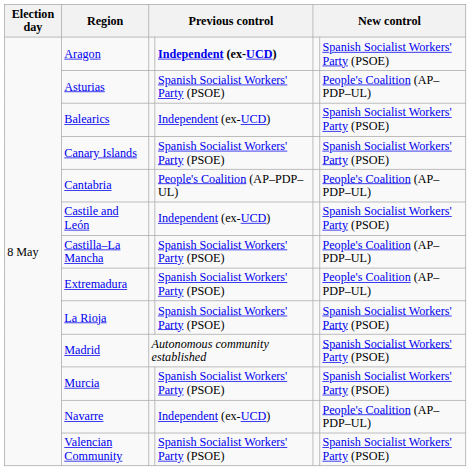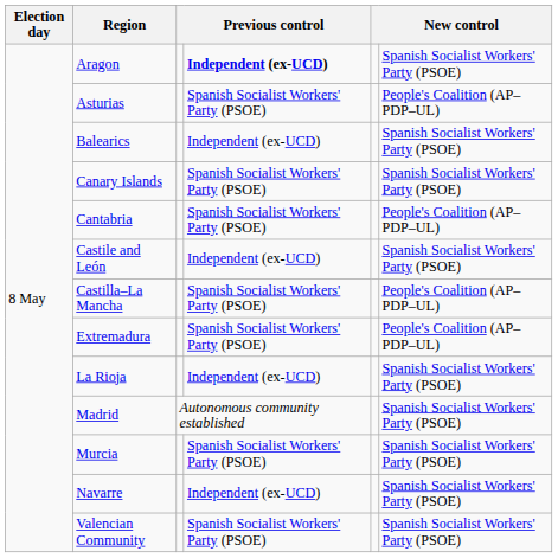 <table class="wikitable">
 <tr>
 <th>Election day</th>
 <th>Region</th>
 <th colspan="2" style="width:375px;">Previous control</th>
 <th colspan="2" style="width:375px;">New control</th>
 </tr>
 <tr>
 <td rowspan="13">8 May</td>
 <td><a href='#'>Aragon</a></td>
 <td width="1" style="color:inherit;background:"></td>
 <td><strong><a href='#'>Independent</a> (ex-<a href='#'>UCD</a>)</strong></td>
 <td width="1" style="color:inherit;background:"></td>
 <td><a href='#'>Spanish Socialist Workers' Party</a> (PSOE)</td>
 </tr>
 <tr>
 <td><a href='#'>Asturias</a></td>
 <td style="color:inherit;background:"></td>
 <td><a href='#'>Spanish Socialist Workers' Party</a> (PSOE)</td>
 <td style="color:inherit;background:"></td>
 <td><a href='#'>People's Coalition</a> (AP–PDP–UL)</td>
 </tr>
 <tr>
 <td><a href='#'>Balearics</a></td>
 <td style="color:inherit;background:"></td>
 <td><a href='#'>Independent</a> (ex-<a href='#'>UCD</a>)</td>
 <td style="color:inherit;background:"></td>
 <td><a href='#'>Spanish Socialist Workers' Party</a> (PSOE)</td>
 </tr>
 <tr>
 <td><a href='#'>Canary Islands</a></td>
 <td style="color:inherit;background:"></td>
 <td><a href='#'>Spanish Socialist Workers' Party</a> (PSOE)</td>
 <td style="color:inherit;background:"></td>
 <td><a href='#'>Spanish Socialist Workers' Party</a> (PSOE)</td>
 </tr>
 <tr>
 <td><a href='#'>Cantabria</a></td>
 <td style="color:inherit;background:"></td>
-<td><a href='#'>People's Coalition</a> (AP–PDP–UL)</td>
+<td><a href='#'>Spanish Socialist Workers' Party</a> (PSOE)</td>
 <td style="color:inherit;background:"></td>
 <td><a href='#'>People's Coalition</a> (AP–PDP–UL)</td>
 </tr>
 <tr>
 <td><a href='#'>Castile and León</a></td>
 <td style="color:inherit;background:"></td>
 <td><a href='#'>Independent</a> (ex-<a href='#'>UCD</a>)</td>
 <td style="color:inherit;background:"></td>
 <td><a href='#'>Spanish Socialist Workers' Party</a> (PSOE)</td>
 </tr>
 <tr>
 <td><a href='#'>Castilla–La Mancha</a></td>
 <td style="color:inherit;background:"></td>
 <td><a href='#'>Spanish Socialist Workers' Party</a> (PSOE)</td>
 <td style="color:inherit;background:"></td>
 <td><a href='#'>People's Coalition</a> (AP–PDP–UL)</td>
 </tr>
 <tr>
 <td><a href='#'>Extremadura</a></td>
 <td style="color:inherit;background:"></td>
 <td><a href='#'>Spanish Socialist Workers' Party</a> (PSOE)</td>
 <td style="color:inherit;background:"></td>
 <td><a href='#'>People's Coalition</a> (AP–PDP–UL)</td>
 </tr>
 <tr>
 <td><a href='#'>La Rioja</a></td>
 <td style="color:inherit;background:"></td>
-<td><a href='#'>Spanish Socialist Workers' Party</a> (PSOE)</td>
+<td><a href='#'>Independent</a> (ex-<a href='#'>UCD</a>)</td>
 <td style="color:inherit;background:"></td>
 <td><a href='#'>Spanish Socialist Workers' Party</a> (PSOE)</td>
 </tr>
 <tr>
 <td><a href='#'>Madrid</a></td>
 <td colspan="2"><em>Autonomous community established</em></td>
 <td style="color:inherit;background:"></td>
 <td><a href='#'>Spanish Socialist Workers' Party</a> (PSOE)</td>
 </tr>
 <tr>
 <td><a href='#'>Murcia</a></td>
 <td style="color:inherit;background:"></td>
 <td><a href='#'>Spanish Socialist Workers' Party</a> (PSOE)</td>
 <td style="color:inherit;background:"></td>
 <td><a href='#'>Spanish Socialist Workers' Party</a> (PSOE)</td>
 </tr>
 <tr>
 <td><a href='#'>Navarre</a></td>
 <td style="color:inherit;background:"></td>
 <td><a href='#'>Independent</a> (ex-<a href='#'>UCD</a>)</td>
 <td style="color:inherit;background:"></td>
-<td><a href='#'>People's Coalition</a> (AP–PDP–UL)</td>
+<td><a href='#'>Spanish Socialist Workers' Party</a> (PSOE)</td>
 </tr>
 <tr>
 <td><a href='#'>Valencian Community</a></td>
 <td style="color:inherit;background:"></td>
 <td><a href='#'>Spanish Socialist Workers' Party</a> (PSOE)</td>
 <td style="color:inherit;background:"></td>
 <td><a href='#'>Spanish Socialist Workers' Party</a> (PSOE)</td>
 </tr>
 </table>
